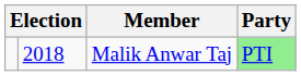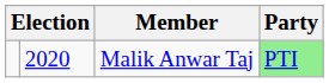 <table class="wikitable">
 <tr>
 <th colspan="2">Election</th>
 <th>Member</th>
 <th>Party</th>
 </tr>
 <tr>
 <td style="background-color: "></td>
-<td><a href='#'>2018</a></td>
+<td><a href='#'>2020</a></td>
 <td><a href='#'>Malik Anwar Taj</a></td>
 <td style="background: lightgreen;"><a href='#'>PTI</a></td>
 </tr>
 </table>
